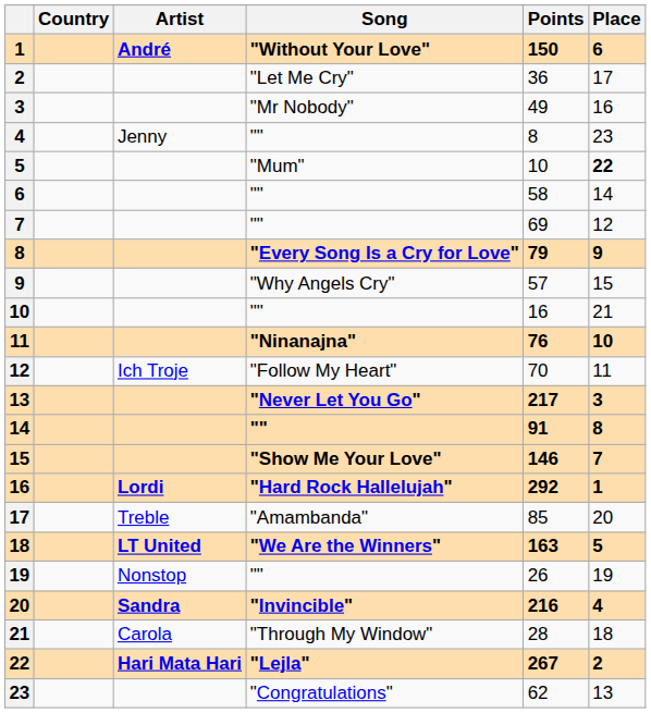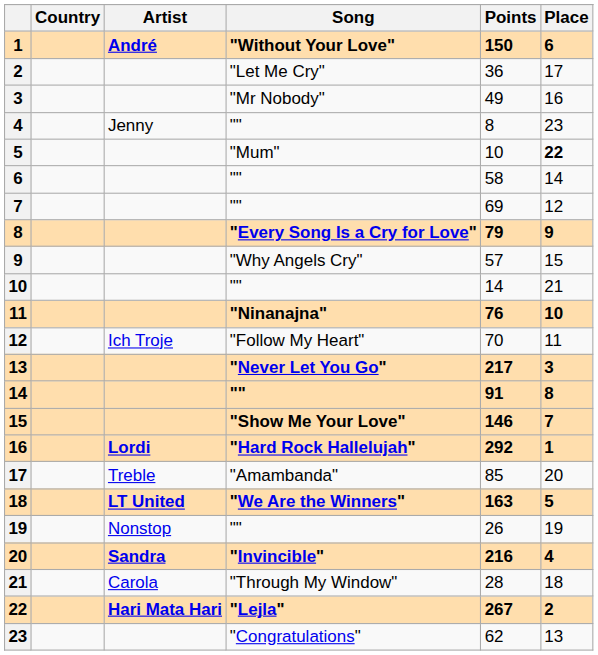 <table class="sortable wikitable plainrowheaders">
 <tr>
 </tr>
 <tr>
 <th scope="col"></th>
 <th scope="col">Country</th>
 <th scope="col">Artist</th>
 <th scope="col">Song</th>
 <th scope="col">Points</th>
 <th scope="col">Place</th>
 </tr>
 <tr style="font-weight:bold; background:navajowhite;">
 <th scope="row" style="text-align:center; font-weight:bold; background:navajowhite;">1</th>
 <td></td>
 <td><a href='#'>André</a></td>
 <td>"Without Your Love"</td>
 <td>150</td>
 <td>6</td>
 </tr>
 <tr>
 <th scope="row" style="text-align:center;">2</th>
 <td></td>
 <td></td>
 <td>"Let Me Cry"</td>
 <td>36</td>
 <td>17</td>
 </tr>
 <tr>
 <th scope="row" style="text-align:center;">3</th>
 <td></td>
 <td></td>
 <td>"Mr Nobody"</td>
 <td>49</td>
 <td>16</td>
 </tr>
 <tr>
 <th scope="row" style="text-align:center;">4</th>
 <td></td>
 <td>Jenny</td>
 <td>""</td>
 <td>8</td>
 <td>23</td>
 </tr>
 <tr>
 <th scope="row" style="text-align:center;">5</th>
 <td></td>
 <td></td>
 <td>"Mum"</td>
 <td>10</td>
 <td><strong>22</strong></td>
 </tr>
 <tr>
 <th scope="row" style="text-align:center;">6</th>
 <td></td>
 <td></td>
 <td>""</td>
 <td>58</td>
 <td>14</td>
 </tr>
 <tr>
 <th scope="row" style="text-align:center;">7</th>
 <td></td>
 <td></td>
 <td>""</td>
 <td>69</td>
 <td>12</td>
 </tr>
 <tr style="font-weight:bold; background:navajowhite;">
 <th scope="row" style="text-align:center; font-weight:bold; background:navajowhite;">8</th>
 <td></td>
 <td></td>
 <td>"<a href='#'>Every Song Is a Cry for Love</a>"</td>
 <td>79</td>
 <td>9</td>
 </tr>
 <tr>
 <th scope="row" style="text-align:center;">9</th>
 <td></td>
 <td></td>
 <td>"Why Angels Cry"</td>
 <td>57</td>
 <td>15</td>
 </tr>
 <tr>
 <th scope="row" style="text-align:center;">10</th>
 <td></td>
 <td></td>
 <td>""</td>
-<td>16</td>
+<td>14</td>
 <td>21</td>
 </tr>
 <tr style="font-weight:bold; background:navajowhite;">
 <th scope="row" style="text-align:center; font-weight:bold; background:navajowhite;">11</th>
 <td></td>
 <td></td>
 <td>"Ninanajna"</td>
 <td>76</td>
 <td>10</td>
 </tr>
 <tr>
 <th scope="row" style="text-align:center;">12</th>
 <td></td>
 <td><a href='#'>Ich Troje</a></td>
 <td>"Follow My Heart"</td>
 <td>70</td>
 <td>11</td>
 </tr>
 <tr style="font-weight:bold; background:navajowhite;">
 <th scope="row" style="text-align:center; font-weight:bold; background:navajowhite;">13</th>
 <td></td>
 <td></td>
 <td>"<a href='#'>Never Let You Go</a>"</td>
 <td>217</td>
 <td>3</td>
 </tr>
 <tr style="font-weight:bold; background:navajowhite;">
 <th scope="row" style="text-align:center; font-weight:bold; background:navajowhite;">14</th>
 <td></td>
 <td></td>
 <td>""</td>
 <td>91</td>
 <td>8</td>
 </tr>
 <tr style="font-weight:bold; background:navajowhite;">
 <th scope="row" style="text-align:center; font-weight:bold; background:navajowhite;">15</th>
 <td></td>
 <td></td>
 <td>"Show Me Your Love"</td>
 <td>146</td>
 <td>7</td>
 </tr>
 <tr style="font-weight:bold; background:navajowhite;">
 <th scope="row" style="text-align:center; font-weight:bold; background:navajowhite;">16</th>
 <td></td>
 <td><a href='#'>Lordi</a></td>
 <td>"<a href='#'>Hard Rock Hallelujah</a>"</td>
 <td>292</td>
 <td>1</td>
 </tr>
 <tr>
 <th scope="row" style="text-align:center;">17</th>
 <td></td>
 <td><a href='#'>Treble</a></td>
 <td>"Amambanda"</td>
 <td>85</td>
 <td>20</td>
 </tr>
 <tr style="font-weight:bold; background:navajowhite;">
 <th scope="row" style="text-align:center; font-weight:bold; background:navajowhite;">18</th>
 <td></td>
 <td><a href='#'>LT United</a></td>
 <td>"<a href='#'>We Are the Winners</a>"</td>
 <td>163</td>
 <td>5</td>
 </tr>
 <tr>
 <th scope="row" style="text-align:center;">19</th>
 <td></td>
 <td><a href='#'>Nonstop</a></td>
 <td>""</td>
 <td>26</td>
 <td>19</td>
 </tr>
 <tr style="font-weight:bold; background:navajowhite;">
 <th scope="row" style="text-align:center; font-weight:bold; background:navajowhite;">20</th>
 <td></td>
 <td><a href='#'>Sandra</a></td>
 <td>"<a href='#'>Invincible</a>"</td>
 <td>216</td>
 <td>4</td>
 </tr>
 <tr>
 <th scope="row" style="text-align:center;">21</th>
 <td></td>
 <td><a href='#'>Carola</a></td>
 <td>"Through My Window"</td>
 <td>28</td>
 <td>18</td>
 </tr>
 <tr style="font-weight:bold; background:navajowhite;">
 <th scope="row" style="text-align:center; font-weight:bold; background:navajowhite;">22</th>
 <td></td>
 <td><a href='#'>Hari Mata Hari</a></td>
 <td>"<a href='#'>Lejla</a>"</td>
 <td>267</td>
 <td>2</td>
 </tr>
 <tr>
 <th scope="row" style="text-align:center;">23</th>
 <td></td>
 <td></td>
 <td>"<a href='#'>Congratulations</a>"</td>
 <td>62</td>
 <td>13</td>
 </tr>
 </table>
